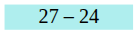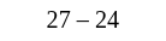 <table style="text-align:center">
 <tr>
 <th width=200></th>
 <th width=100></th>
 <th width=200></th>
 </tr>
 <tr>
 <td align=right><strong></strong></td>
-<td style="background: paleturquoise;">27 – 24</td>
+<td>27 – 24</td>
 <td align=left></td>
 </tr>
 </table>
